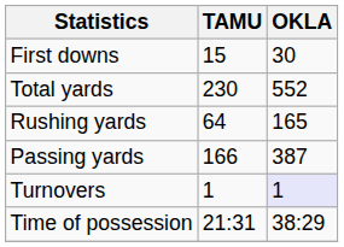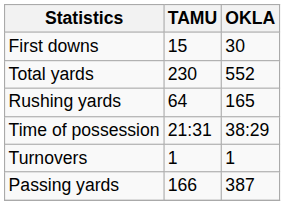 <table class="wikitable">
 <tr>
 <th>Statistics</th>
 <th>TAMU</th>
 <th>OKLA</th>
 </tr>
 <tr>
 <td>First downs</td>
 <td>15</td>
 <td>30</td>
 </tr>
 <tr>
 <td>Total yards</td>
 <td>230</td>
 <td>552</td>
 </tr>
 <tr>
 <td>Rushing yards</td>
 <td>64</td>
 <td>165</td>
 </tr>
 <tr>
+<td>Time of possession</td>
+<td>21:31</td>
+<td>38:29</td>
+</tr>
+<tr>
+<td>Turnovers</td>
+<td>1</td>
+<td>1</td>
+</tr>
+<tr>
 <td>Passing yards</td>
 <td>166</td>
 <td>387</td>
 </tr>
 <tr>
-<td>Turnovers</td>
-<td>1</td>
-<td style="background: lavender;">1</td>
-</tr>
-<tr>
-<td>Time of possession</td>
-<td>21:31</td>
-<td>38:29</td>
-</tr>
-<tr>
 </tr>
 </table>
